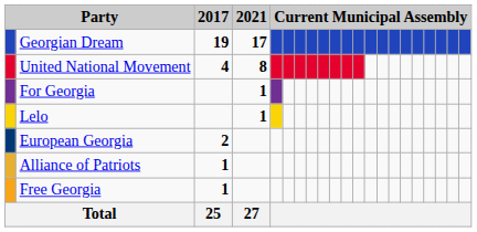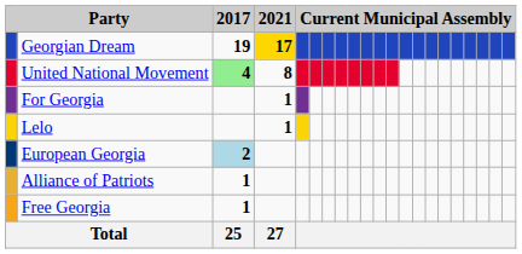 <table class="wikitable">
 <tr>
 <th colspan="2" style="background:#ccc">Party</th>
 <th style="background:#ccc">2017</th>
 <th style="background:#ccc">2021</th>
 <th colspan="20" style="background:#ccc">Current Municipal Assembly</th>
 </tr>
 <tr>
 <td style="background-color: #2044bc  "> </td>
 <td><a href='#'>Georgian Dream</a></td>
 <td style="text-align: right"><strong>19</strong></td>
-<td style="text-align: right"><strong>17</strong></td>
+<td style="background: gold; text-align: right"><strong>17</strong></td>
 <td style="background-color: #2044bc "></td>
 <td style="background-color: #2044bc "> </td>
 <td style="background-color: #2044bc "> </td>
 <td style="background-color: #2044bc "> </td>
 <td style="background-color: #2044bc "> </td>
 <td style="background-color: #2044bc "> </td>
 <td style="background-color: #2044bc "> </td>
 <td style="background-color: #2044bc "> </td>
 <td style="background-color: #2044bc "> </td>
 <td style="background-color: #2044bc "> </td>
 <td style="background-color: #2044bc "> </td>
 <td style="background-color: #2044bc "> </td>
 <td style="background-color: #2044bc "> </td>
 <td style="background-color: #2044bc "> </td>
 <td style="background-color: #2044bc "> </td>
 <td style="background-color: #2044bc "> </td>
 <td style="background-color: #2044bc "> </td>
 </tr>
 <tr>
 <td style="background-color: #e4012e  "> </td>
 <td><a href='#'>United National Movement</a></td>
-<td style="text-align: right"><strong>4</strong></td>
+<td style="background: lightgreen; text-align: right"><strong>4</strong></td>
 <td style="text-align: right"><strong>8</strong></td>
 <td style="background-color: #e4012e "> </td>
 <td style="background-color: #e4012e "> </td>
 <td style="background-color: #e4012e "> </td>
 <td style="background-color: #e4012e "> </td>
 <td style="background-color: #e4012e "> </td>
 <td style="background-color: #e4012e "> </td>
 <td style="background-color: #e4012e "> </td>
 <td style="background-color: #e4012e "> </td>
 <td></td>
 <td></td>
 <td></td>
 <td></td>
 <td></td>
 <td></td>
 <td></td>
 <td></td>
 <td></td>
 </tr>
 <tr>
 <td style="background-color: #702F92  "> </td>
 <td><a href='#'>For Georgia</a></td>
 <td></td>
 <td style="text-align: right"><strong>1</strong></td>
 <td style="background-color: #702f92 "> </td>
 <td></td>
 <td></td>
 <td></td>
 <td></td>
 <td></td>
 <td></td>
 <td></td>
 <td></td>
 <td></td>
 <td></td>
 <td></td>
 <td></td>
 <td></td>
 <td></td>
 <td></td>
 <td></td>
 </tr>
 <tr>
 <td style="background-color: #fad406 "> </td>
 <td><a href='#'>Lelo</a></td>
 <td></td>
 <td style="text-align: right"><strong>1</strong></td>
 <td style="background-color: #fad406 "> </td>
 <td></td>
 <td></td>
 <td></td>
 <td></td>
 <td></td>
 <td></td>
 <td></td>
 <td></td>
 <td></td>
 <td></td>
 <td></td>
 <td></td>
 <td></td>
 <td></td>
 <td></td>
 <td></td>
 </tr>
 <tr>
 <td style="background-color: #003876  "> </td>
 <td><a href='#'>European Georgia</a></td>
-<td style="text-align: right"><strong>2</strong></td>
+<td style="background: lightblue; text-align: right"><strong>2</strong></td>
 <td></td>
 <td></td>
 <td></td>
 <td></td>
 <td></td>
 <td></td>
 <td></td>
 <td></td>
 <td></td>
 <td></td>
 <td></td>
 <td></td>
 <td></td>
 <td></td>
 <td></td>
 <td></td>
 <td></td>
 <td></td>
 </tr>
 <tr>
 <td style="background-color: #e7b031 "> </td>
 <td><a href='#'>Alliance of Patriots</a></td>
 <td style="text-align: right"><strong>1</strong></td>
 <td></td>
 <td></td>
 <td></td>
 <td></td>
 <td></td>
 <td></td>
 <td></td>
 <td></td>
 <td></td>
 <td></td>
 <td></td>
 <td></td>
 <td></td>
 <td></td>
 <td></td>
 <td></td>
 <td></td>
 <td></td>
 </tr>
 <tr>
 <td style="background-color: #f8A517 "> </td>
 <td><a href='#'>Free Georgia</a></td>
 <td style="text-align: right"><strong>1</strong></td>
 <td></td>
 <td></td>
 <td></td>
 <td></td>
 <td></td>
 <td></td>
 <td></td>
 <td></td>
 <td></td>
 <td></td>
 <td></td>
 <td></td>
 <td></td>
 <td></td>
 <td></td>
 <td></td>
 <td></td>
 <td></td>
 </tr>
 <tr>
 <th colspan="2">Total</th>
 <th align="right">25</th>
 <th align="right">27</th>
 <th colspan="35"> </th>
 </tr>
 </table>
